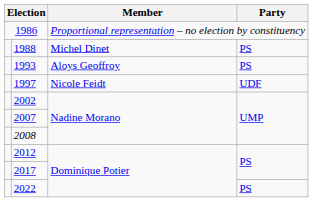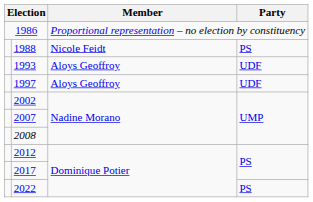 <table class="wikitable">
 <tr>
 <th colspan="2">Election</th>
 <th>Member</th>
 <th>Party</th>
 </tr>
 <tr>
 <td colspan="2" align="center"><a href='#'>1986</a></td>
 <td colspan="2"><em><a href='#'>Proportional representation</a> – no election by constituency</em></td>
 </tr>
 <tr>
 <td style="color:inherit;background-color: "></td>
 <td><a href='#'>1988</a></td>
-<td><a href='#'>Michel Dinet</a></td>
+<td><a href='#'>Nicole Feidt</a></td>
 <td><a href='#'>PS</a></td>
 </tr>
 <tr>
 <td style="color:inherit;background-color: "></td>
 <td><a href='#'>1993</a></td>
 <td><a href='#'>Aloys Geoffroy</a></td>
-<td><a href='#'>PS</a></td>
+<td><a href='#'>UDF</a></td>
 </tr>
 <tr>
 <td style="color:inherit;background-color: "></td>
 <td><a href='#'>1997</a></td>
-<td><a href='#'>Nicole Feidt</a></td>
+<td><a href='#'>Aloys Geoffroy</a></td>
 <td><a href='#'>UDF</a></td>
 </tr>
 <tr>
 <td style="color:inherit;background-color: "></td>
 <td><a href='#'>2002</a></td>
 <td rowspan="3"><a href='#'>Nadine Morano</a></td>
 <td rowspan="3"><a href='#'>UMP</a></td>
 </tr>
 <tr>
 <td style="color:inherit;background-color: "></td>
 <td><a href='#'>2007</a></td>
 </tr>
 <tr>
 <td style="color:inherit;background-color: "></td>
 <td><em>2008</em></td>
 </tr>
 <tr>
 <td style="color:inherit;background-color: "></td>
 <td><a href='#'>2012</a></td>
 <td rowspan="3"><a href='#'>Dominique Potier</a></td>
 <td rowspan="2"><a href='#'>PS</a></td>
 </tr>
 <tr>
 <td style="color:inherit;background-color: "></td>
 <td><a href='#'>2017</a></td>
 </tr>
 <tr>
 <td style="color:inherit;background-color: "></td>
 <td><a href='#'>2022</a></td>
 <td><a href='#'>PS</a></td>
 </tr>
 </table>
